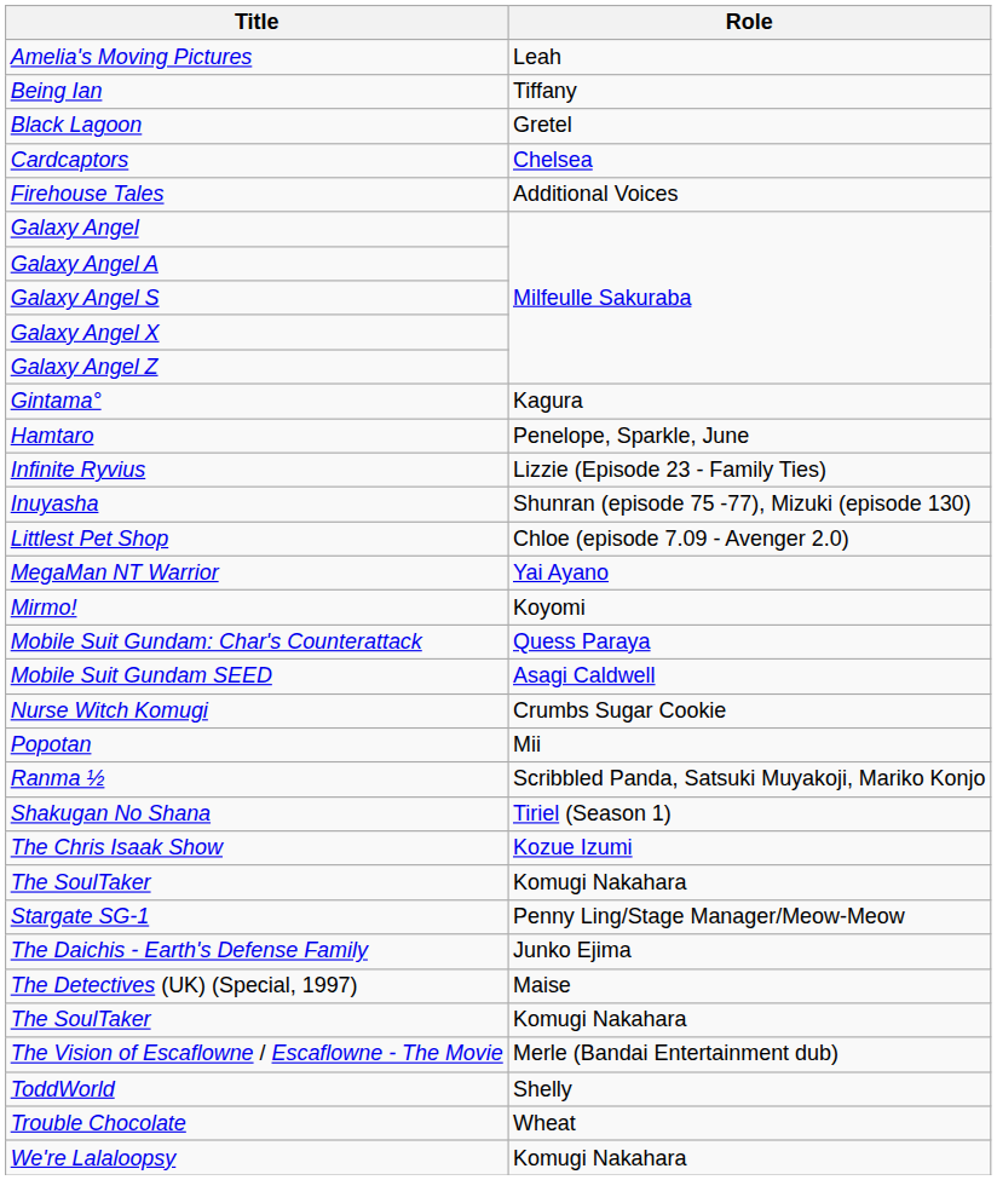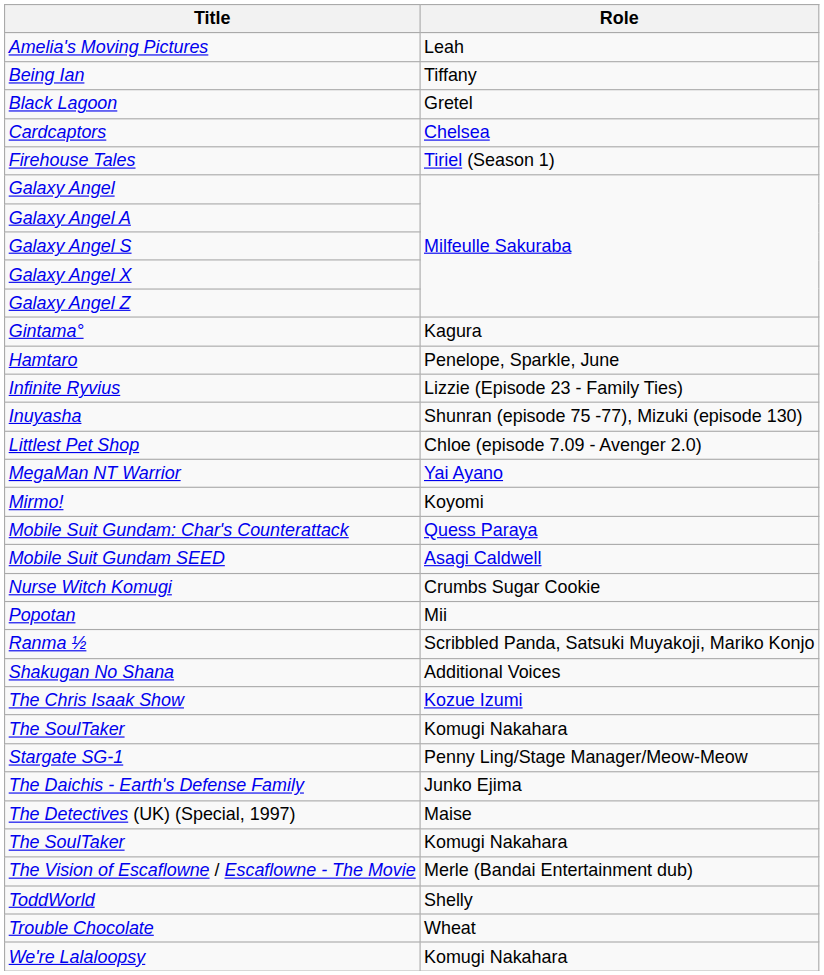 <table class="wikitable sortable">
 <tr>
 <th>Title</th>
 <th>Role</th>
 </tr>
 <tr>
 <td><em><a href='#'>Amelia's Moving Pictures</a></em></td>
 <td>Leah</td>
 </tr>
 <tr>
 <td><em><a href='#'>Being Ian</a></em></td>
 <td>Tiffany</td>
 </tr>
 <tr>
 <td><em><a href='#'>Black Lagoon</a></em></td>
 <td>Gretel</td>
 </tr>
 <tr>
 <td><em><a href='#'>Cardcaptors</a></em></td>
 <td><a href='#'>Chelsea</a></td>
 </tr>
 <tr>
 <td><em><a href='#'>Firehouse Tales</a></em></td>
-<td>Additional Voices</td>
+<td><a href='#'>Tiriel</a> (Season 1)</td>
 </tr>
 <tr>
 <td><em><a href='#'>Galaxy Angel</a></em></td>
 <td rowspan="5"><a href='#'>Milfeulle Sakuraba</a></td>
 </tr>
 <tr>
 <td><em><a href='#'>Galaxy Angel A</a></em></td>
 </tr>
 <tr>
 <td><em><a href='#'>Galaxy Angel S</a></em></td>
 </tr>
 <tr>
 <td><em><a href='#'>Galaxy Angel X</a></em></td>
 </tr>
 <tr>
 <td><em><a href='#'>Galaxy Angel Z</a></em></td>
 </tr>
 <tr>
 <td><em><a href='#'>Gintama°</a></em></td>
 <td>Kagura</td>
 </tr>
 <tr>
 <td><em><a href='#'>Hamtaro</a></em></td>
 <td>Penelope, Sparkle, June</td>
 </tr>
 <tr>
 <td><em><a href='#'>Infinite Ryvius</a></em></td>
 <td>Lizzie (Episode 23 - Family Ties)</td>
 </tr>
 <tr>
 <td><em><a href='#'>Inuyasha</a></em></td>
 <td>Shunran (episode 75 -77), Mizuki (episode 130)</td>
 </tr>
 <tr>
 <td><em><a href='#'>Littlest Pet Shop</a></em></td>
 <td>Chloe (episode 7.09 - Avenger 2.0)</td>
 </tr>
 <tr>
 <td><em><a href='#'>MegaMan NT Warrior</a></em></td>
 <td><a href='#'>Yai Ayano</a></td>
 </tr>
 <tr>
 <td><em><a href='#'>Mirmo!</a></em></td>
 <td>Koyomi</td>
 </tr>
 <tr>
 <td><em><a href='#'>Mobile Suit Gundam: Char's Counterattack</a></em></td>
 <td><a href='#'>Quess Paraya</a></td>
 </tr>
 <tr>
 <td><em><a href='#'>Mobile Suit Gundam SEED</a></em></td>
 <td><a href='#'>Asagi Caldwell</a></td>
 </tr>
 <tr>
 <td><em><a href='#'>Nurse Witch Komugi</a></em></td>
 <td>Crumbs Sugar Cookie</td>
 </tr>
 <tr>
 <td><em><a href='#'>Popotan</a></em></td>
 <td>Mii</td>
 </tr>
 <tr>
 <td><em><a href='#'>Ranma ½</a></em></td>
 <td>Scribbled Panda, Satsuki Muyakoji, Mariko Konjo</td>
 </tr>
 <tr>
 <td><em><a href='#'>Shakugan No Shana</a></em></td>
-<td><a href='#'>Tiriel</a> (Season 1)</td>
+<td>Additional Voices</td>
 </tr>
 <tr>
 <td><em><a href='#'>The Chris Isaak Show</a></em></td>
 <td><a href='#'>Kozue Izumi</a></td>
 </tr>
 <tr>
 <td><em><a href='#'>The SoulTaker</a></em></td>
 <td>Komugi Nakahara</td>
 </tr>
 <tr>
 <td><em><a href='#'>Stargate SG-1</a></em></td>
 <td>Penny Ling/Stage Manager/Meow-Meow</td>
 </tr>
 <tr>
 <td><em><a href='#'>The Daichis - Earth's Defense Family</a></em></td>
 <td>Junko Ejima</td>
 </tr>
 <tr>
 <td><em><a href='#'>The Detectives</a></em> (UK) (Special, 1997)</td>
 <td>Maise</td>
 </tr>
 <tr>
 <td><em><a href='#'>The SoulTaker</a></em></td>
 <td>Komugi Nakahara</td>
 </tr>
 <tr>
 <td><em><a href='#'>The Vision of Escaflowne</a></em> / <em><a href='#'>Escaflowne - The Movie</a></em></td>
 <td>Merle (Bandai Entertainment dub)</td>
 </tr>
 <tr>
 <td><em><a href='#'>ToddWorld</a></em></td>
 <td>Shelly</td>
 </tr>
 <tr>
 <td><em><a href='#'>Trouble Chocolate</a></em></td>
 <td>Wheat</td>
 </tr>
 <tr>
 <td><em><a href='#'>We're Lalaloopsy</a></em></td>
 <td>Komugi Nakahara</td>
 </tr>
 </table>
